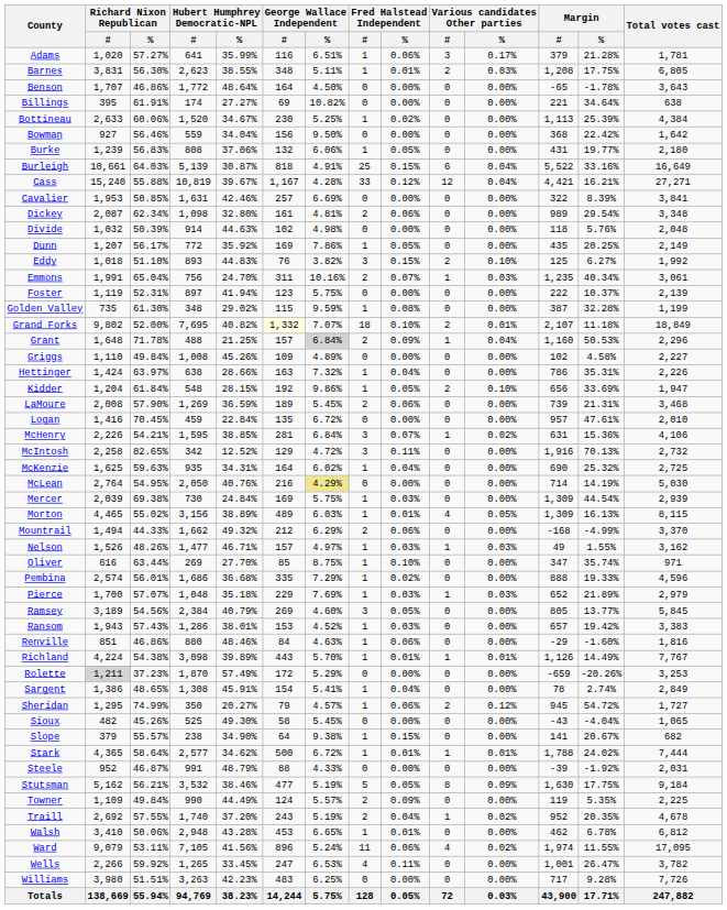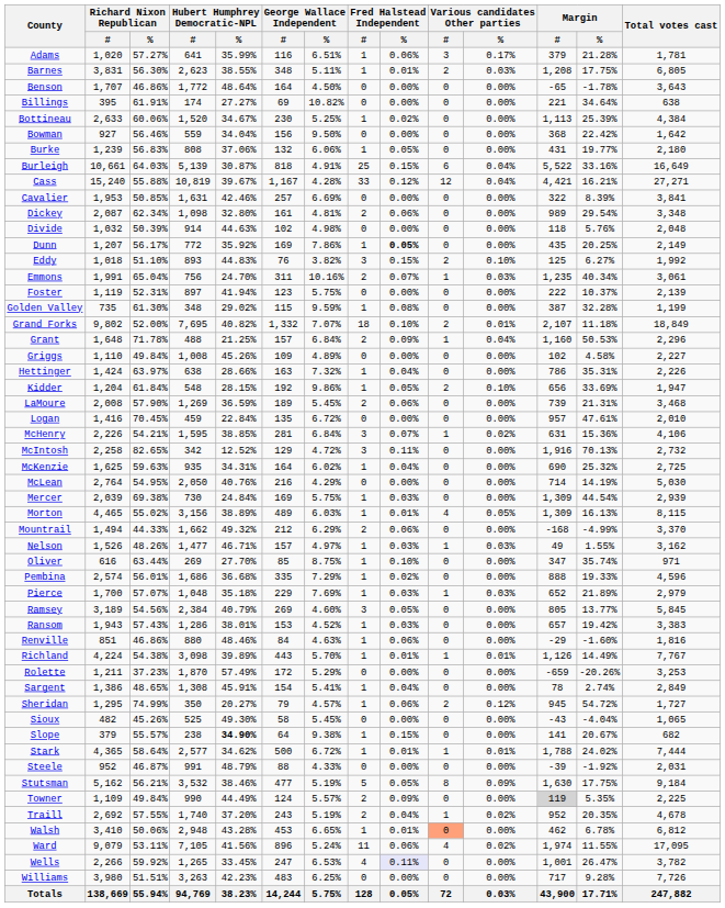 <table class="wikitable sortable">
 <tr>
 <th rowspan="2">County</th>
 <th colspan="2">Richard Nixon<br>Republican</th>
 <th colspan="2">Hubert Humphrey<br>Democratic-NPL</th>
 <th colspan="2">George Wallace<br>Independent</th>
 <th colspan="2">Fred Halstead<br>Independent</th>
 <th colspan="2">Various candidates<br>Other parties</th>
 <th colspan="2">Margin</th>
 <th rowspan="2" data-sort-type="number">Total votes cast</th>
 </tr>
 <tr style="text-align:center;">
 <th data-sort-type="number">#</th>
 <th data-sort-type="number">%</th>
 <th data-sort-type="number">#</th>
 <th data-sort-type="number">%</th>
 <th data-sort-type="number">#</th>
 <th data-sort-type="number">%</th>
 <th data-sort-type="number">#</th>
 <th data-sort-type="number">%</th>
 <th data-sort-type="number">#</th>
 <th data-sort-type="number">%</th>
 <th data-sort-type="number">#</th>
 <th data-sort-type="number">%</th>
 </tr>
 <tr style="text-align:center;">
 <td><a href='#'>Adams</a></td>
 <td>1,020</td>
 <td>57.27%</td>
 <td>641</td>
 <td>35.99%</td>
 <td>116</td>
 <td>6.51%</td>
 <td>1</td>
 <td>0.06%</td>
 <td>3</td>
 <td>0.17%</td>
 <td>379</td>
 <td>21.28%</td>
 <td>1,781</td>
 </tr>
 <tr style="text-align:center;">
 <td><a href='#'>Barnes</a></td>
 <td>3,831</td>
 <td>56.30%</td>
 <td>2,623</td>
 <td>38.55%</td>
 <td>348</td>
 <td>5.11%</td>
 <td>1</td>
 <td>0.01%</td>
 <td>2</td>
 <td>0.03%</td>
 <td>1,208</td>
 <td>17.75%</td>
 <td>6,805</td>
 </tr>
 <tr style="text-align:center;">
 <td><a href='#'>Benson</a></td>
 <td>1,707</td>
 <td>46.86%</td>
 <td>1,772</td>
 <td>48.64%</td>
 <td>164</td>
 <td>4.50%</td>
 <td>0</td>
 <td>0.00%</td>
 <td>0</td>
 <td>0.00%</td>
 <td>-65</td>
 <td>-1.78%</td>
 <td>3,643</td>
 </tr>
 <tr style="text-align:center;">
 <td><a href='#'>Billings</a></td>
 <td>395</td>
 <td>61.91%</td>
 <td>174</td>
 <td>27.27%</td>
 <td>69</td>
 <td>10.82%</td>
 <td>0</td>
 <td>0.00%</td>
 <td>0</td>
 <td>0.00%</td>
 <td>221</td>
 <td>34.64%</td>
 <td>638</td>
 </tr>
 <tr style="text-align:center;">
 <td><a href='#'>Bottineau</a></td>
 <td>2,633</td>
 <td>60.06%</td>
 <td>1,520</td>
 <td>34.67%</td>
 <td>230</td>
 <td>5.25%</td>
 <td>1</td>
 <td>0.02%</td>
 <td>0</td>
 <td>0.00%</td>
 <td>1,113</td>
 <td>25.39%</td>
 <td>4,384</td>
 </tr>
 <tr style="text-align:center;">
 <td><a href='#'>Bowman</a></td>
 <td>927</td>
 <td>56.46%</td>
 <td>559</td>
 <td>34.04%</td>
 <td>156</td>
 <td>9.50%</td>
 <td>0</td>
 <td>0.00%</td>
 <td>0</td>
 <td>0.00%</td>
 <td>368</td>
 <td>22.42%</td>
 <td>1,642</td>
 </tr>
 <tr style="text-align:center;">
 <td><a href='#'>Burke</a></td>
 <td>1,239</td>
 <td>56.83%</td>
 <td>808</td>
 <td>37.06%</td>
 <td>132</td>
 <td>6.06%</td>
 <td>1</td>
 <td>0.05%</td>
 <td>0</td>
 <td>0.00%</td>
 <td>431</td>
 <td>19.77%</td>
 <td>2,180</td>
 </tr>
 <tr style="text-align:center;">
 <td><a href='#'>Burleigh</a></td>
 <td>10,661</td>
 <td>64.03%</td>
 <td>5,139</td>
 <td>30.87%</td>
 <td>818</td>
 <td>4.91%</td>
 <td>25</td>
 <td>0.15%</td>
 <td>6</td>
 <td>0.04%</td>
 <td>5,522</td>
 <td>33.16%</td>
 <td>16,649</td>
 </tr>
 <tr style="text-align:center;">
 <td><a href='#'>Cass</a></td>
 <td>15,240</td>
 <td>55.88%</td>
 <td>10,819</td>
 <td>39.67%</td>
 <td>1,167</td>
 <td>4.28%</td>
 <td>33</td>
 <td>0.12%</td>
 <td>12</td>
 <td>0.04%</td>
 <td>4,421</td>
 <td>16.21%</td>
 <td>27,271</td>
 </tr>
 <tr style="text-align:center;">
 <td><a href='#'>Cavalier</a></td>
 <td>1,953</td>
 <td>50.85%</td>
 <td>1,631</td>
 <td>42.46%</td>
 <td>257</td>
 <td>6.69%</td>
 <td>0</td>
 <td>0.00%</td>
 <td>0</td>
 <td>0.00%</td>
 <td>322</td>
 <td>8.39%</td>
 <td>3,841</td>
 </tr>
 <tr style="text-align:center;">
 <td><a href='#'>Dickey</a></td>
 <td>2,087</td>
 <td>62.34%</td>
 <td>1,098</td>
 <td>32.80%</td>
 <td>161</td>
 <td>4.81%</td>
 <td>2</td>
 <td>0.06%</td>
 <td>0</td>
 <td>0.00%</td>
 <td>989</td>
 <td>29.54%</td>
 <td>3,348</td>
 </tr>
 <tr style="text-align:center;">
 <td><a href='#'>Divide</a></td>
 <td>1,032</td>
 <td>50.39%</td>
 <td>914</td>
 <td>44.63%</td>
 <td>102</td>
 <td>4.98%</td>
 <td>0</td>
 <td>0.00%</td>
 <td>0</td>
 <td>0.00%</td>
 <td>118</td>
 <td>5.76%</td>
 <td>2,048</td>
 </tr>
 <tr style="text-align:center;">
 <td><a href='#'>Dunn</a></td>
 <td>1,207</td>
 <td>56.17%</td>
 <td>772</td>
 <td>35.92%</td>
 <td>169</td>
 <td>7.86%</td>
 <td>1</td>
-<td>0.05%</td>
+<td><strong>0.05%</strong></td>
 <td>0</td>
 <td>0.00%</td>
 <td>435</td>
 <td>20.25%</td>
 <td>2,149</td>
 </tr>
 <tr style="text-align:center;">
 <td><a href='#'>Eddy</a></td>
 <td>1,018</td>
 <td>51.10%</td>
 <td>893</td>
 <td>44.83%</td>
 <td>76</td>
 <td>3.82%</td>
 <td>3</td>
 <td>0.15%</td>
 <td>2</td>
 <td>0.10%</td>
 <td>125</td>
 <td>6.27%</td>
 <td>1,992</td>
 </tr>
 <tr style="text-align:center;">
 <td><a href='#'>Emmons</a></td>
 <td>1,991</td>
 <td>65.04%</td>
 <td>756</td>
 <td>24.70%</td>
 <td>311</td>
 <td>10.16%</td>
 <td>2</td>
 <td>0.07%</td>
 <td>1</td>
 <td>0.03%</td>
 <td>1,235</td>
 <td>40.34%</td>
 <td>3,061</td>
 </tr>
 <tr style="text-align:center;">
 <td><a href='#'>Foster</a></td>
 <td>1,119</td>
 <td>52.31%</td>
 <td>897</td>
 <td>41.94%</td>
 <td>123</td>
 <td>5.75%</td>
 <td>0</td>
 <td>0.00%</td>
 <td>0</td>
 <td>0.00%</td>
 <td>222</td>
 <td>10.37%</td>
 <td>2,139</td>
 </tr>
 <tr style="text-align:center;">
 <td><a href='#'>Golden Valley</a></td>
 <td>735</td>
 <td>61.30%</td>
 <td>348</td>
 <td>29.02%</td>
 <td>115</td>
 <td>9.59%</td>
 <td>1</td>
 <td>0.08%</td>
 <td>0</td>
 <td>0.00%</td>
 <td>387</td>
 <td>32.28%</td>
 <td>1,199</td>
 </tr>
 <tr style="text-align:center;">
 <td><a href='#'>Grand Forks</a></td>
 <td>9,802</td>
 <td>52.00%</td>
 <td>7,695</td>
 <td>40.82%</td>
-<td style="background: lightyellow;">1,332</td>
+<td>1,332</td>
 <td>7.07%</td>
 <td>18</td>
 <td>0.10%</td>
 <td>2</td>
 <td>0.01%</td>
 <td>2,107</td>
 <td>11.18%</td>
 <td>18,849</td>
 </tr>
 <tr style="text-align:center;">
 <td><a href='#'>Grant</a></td>
 <td>1,648</td>
 <td>71.78%</td>
 <td>488</td>
 <td>21.25%</td>
 <td>157</td>
-<td style="background: lightgrey;">6.84%</td>
+<td>6.84%</td>
 <td>2</td>
 <td>0.09%</td>
 <td>1</td>
 <td>0.04%</td>
 <td>1,160</td>
 <td>50.53%</td>
 <td>2,296</td>
 </tr>
 <tr style="text-align:center;">
 <td><a href='#'>Griggs</a></td>
 <td>1,110</td>
 <td>49.84%</td>
 <td>1,008</td>
 <td>45.26%</td>
 <td>109</td>
 <td>4.89%</td>
 <td>0</td>
 <td>0.00%</td>
 <td>0</td>
 <td>0.00%</td>
 <td>102</td>
 <td>4.58%</td>
 <td>2,227</td>
 </tr>
 <tr style="text-align:center;">
 <td><a href='#'>Hettinger</a></td>
 <td>1,424</td>
 <td>63.97%</td>
 <td>638</td>
 <td>28.66%</td>
 <td>163</td>
 <td>7.32%</td>
 <td>1</td>
 <td>0.04%</td>
 <td>0</td>
 <td>0.00%</td>
 <td>786</td>
 <td>35.31%</td>
 <td>2,226</td>
 </tr>
 <tr style="text-align:center;">
 <td><a href='#'>Kidder</a></td>
 <td>1,204</td>
 <td>61.84%</td>
 <td>548</td>
 <td>28.15%</td>
 <td>192</td>
 <td>9.86%</td>
 <td>1</td>
 <td>0.05%</td>
 <td>2</td>
 <td>0.10%</td>
 <td>656</td>
 <td>33.69%</td>
 <td>1,947</td>
 </tr>
 <tr style="text-align:center;">
 <td><a href='#'>LaMoure</a></td>
 <td>2,008</td>
 <td>57.90%</td>
 <td>1,269</td>
 <td>36.59%</td>
 <td>189</td>
 <td>5.45%</td>
 <td>2</td>
 <td>0.06%</td>
 <td>0</td>
 <td>0.00%</td>
 <td>739</td>
 <td>21.31%</td>
 <td>3,468</td>
 </tr>
 <tr style="text-align:center;">
 <td><a href='#'>Logan</a></td>
 <td>1,416</td>
 <td>70.45%</td>
 <td>459</td>
 <td>22.84%</td>
 <td>135</td>
 <td>6.72%</td>
 <td>0</td>
 <td>0.00%</td>
 <td>0</td>
 <td>0.00%</td>
 <td>957</td>
 <td>47.61%</td>
 <td>2,010</td>
 </tr>
 <tr style="text-align:center;">
 <td><a href='#'>McHenry</a></td>
 <td>2,226</td>
 <td>54.21%</td>
 <td>1,595</td>
 <td>38.85%</td>
 <td>281</td>
 <td>6.84%</td>
 <td>3</td>
 <td>0.07%</td>
 <td>1</td>
 <td>0.02%</td>
 <td>631</td>
 <td>15.36%</td>
 <td>4,106</td>
 </tr>
 <tr style="text-align:center;">
 <td><a href='#'>McIntosh</a></td>
 <td>2,258</td>
 <td>82.65%</td>
 <td>342</td>
 <td>12.52%</td>
 <td>129</td>
 <td>4.72%</td>
 <td>3</td>
 <td>0.11%</td>
 <td>0</td>
 <td>0.00%</td>
 <td>1,916</td>
 <td>70.13%</td>
 <td>2,732</td>
 </tr>
 <tr style="text-align:center;">
 <td><a href='#'>McKenzie</a></td>
 <td>1,625</td>
 <td>59.63%</td>
 <td>935</td>
 <td>34.31%</td>
 <td>164</td>
 <td>6.02%</td>
 <td>1</td>
 <td>0.04%</td>
 <td>0</td>
 <td>0.00%</td>
 <td>690</td>
 <td>25.32%</td>
 <td>2,725</td>
 </tr>
 <tr style="text-align:center;">
 <td><a href='#'>McLean</a></td>
 <td>2,764</td>
 <td>54.95%</td>
 <td>2,050</td>
 <td>40.76%</td>
 <td>216</td>
-<td style="background: khaki;">4.29%</td>
+<td>4.29%</td>
 <td>0</td>
 <td>0.00%</td>
 <td>0</td>
 <td>0.00%</td>
 <td>714</td>
 <td>14.19%</td>
 <td>5,030</td>
 </tr>
 <tr style="text-align:center;">
 <td><a href='#'>Mercer</a></td>
 <td>2,039</td>
 <td>69.38%</td>
 <td>730</td>
 <td>24.84%</td>
 <td>169</td>
 <td>5.75%</td>
 <td>1</td>
 <td>0.03%</td>
 <td>0</td>
 <td>0.00%</td>
 <td>1,309</td>
 <td>44.54%</td>
 <td>2,939</td>
 </tr>
 <tr style="text-align:center;">
 <td><a href='#'>Morton</a></td>
 <td>4,465</td>
 <td>55.02%</td>
 <td>3,156</td>
 <td>38.89%</td>
 <td>489</td>
 <td>6.03%</td>
 <td>1</td>
 <td>0.01%</td>
 <td>4</td>
 <td>0.05%</td>
 <td>1,309</td>
 <td>16.13%</td>
 <td>8,115</td>
 </tr>
 <tr style="text-align:center;">
 <td><a href='#'>Mountrail</a></td>
 <td>1,494</td>
 <td>44.33%</td>
 <td>1,662</td>
 <td>49.32%</td>
 <td>212</td>
 <td>6.29%</td>
 <td>2</td>
 <td>0.06%</td>
 <td>0</td>
 <td>0.00%</td>
 <td>-168</td>
 <td>-4.99%</td>
 <td>3,370</td>
 </tr>
 <tr style="text-align:center;">
 <td><a href='#'>Nelson</a></td>
 <td>1,526</td>
 <td>48.26%</td>
 <td>1,477</td>
 <td>46.71%</td>
 <td>157</td>
 <td>4.97%</td>
 <td>1</td>
 <td>0.03%</td>
 <td>1</td>
 <td>0.03%</td>
 <td>49</td>
 <td>1.55%</td>
 <td>3,162</td>
 </tr>
 <tr style="text-align:center;">
 <td><a href='#'>Oliver</a></td>
 <td>616</td>
 <td>63.44%</td>
 <td>269</td>
 <td>27.70%</td>
 <td>85</td>
 <td>8.75%</td>
 <td>1</td>
 <td>0.10%</td>
 <td>0</td>
 <td>0.00%</td>
 <td>347</td>
 <td>35.74%</td>
 <td>971</td>
 </tr>
 <tr style="text-align:center;">
 <td><a href='#'>Pembina</a></td>
 <td>2,574</td>
 <td>56.01%</td>
 <td>1,686</td>
 <td>36.68%</td>
 <td>335</td>
 <td>7.29%</td>
 <td>1</td>
 <td>0.02%</td>
 <td>0</td>
 <td>0.00%</td>
 <td>888</td>
 <td>19.33%</td>
 <td>4,596</td>
 </tr>
 <tr style="text-align:center;">
 <td><a href='#'>Pierce</a></td>
 <td>1,700</td>
 <td>57.07%</td>
 <td>1,048</td>
 <td>35.18%</td>
 <td>229</td>
 <td>7.69%</td>
 <td>1</td>
 <td>0.03%</td>
 <td>1</td>
 <td>0.03%</td>
 <td>652</td>
 <td>21.89%</td>
 <td>2,979</td>
 </tr>
 <tr style="text-align:center;">
 <td><a href='#'>Ramsey</a></td>
 <td>3,189</td>
 <td>54.56%</td>
 <td>2,384</td>
 <td>40.79%</td>
 <td>269</td>
 <td>4.60%</td>
 <td>3</td>
 <td>0.05%</td>
 <td>0</td>
 <td>0.00%</td>
 <td>805</td>
 <td>13.77%</td>
 <td>5,845</td>
 </tr>
 <tr style="text-align:center;">
 <td><a href='#'>Ransom</a></td>
 <td>1,943</td>
 <td>57.43%</td>
 <td>1,286</td>
 <td>38.01%</td>
 <td>153</td>
 <td>4.52%</td>
 <td>1</td>
 <td>0.03%</td>
 <td>0</td>
 <td>0.00%</td>
 <td>657</td>
 <td>19.42%</td>
 <td>3,383</td>
 </tr>
 <tr style="text-align:center;">
 <td><a href='#'>Renville</a></td>
 <td>851</td>
 <td>46.86%</td>
 <td>880</td>
 <td>48.46%</td>
 <td>84</td>
 <td>4.63%</td>
 <td>1</td>
 <td>0.06%</td>
 <td>0</td>
 <td>0.00%</td>
 <td>-29</td>
 <td>-1.60%</td>
 <td>1,816</td>
 </tr>
 <tr style="text-align:center;">
 <td><a href='#'>Richland</a></td>
 <td>4,224</td>
 <td>54.38%</td>
 <td>3,098</td>
 <td>39.89%</td>
 <td>443</td>
 <td>5.70%</td>
 <td>1</td>
 <td>0.01%</td>
 <td>1</td>
 <td>0.01%</td>
 <td>1,126</td>
 <td>14.49%</td>
 <td>7,767</td>
 </tr>
 <tr style="text-align:center;">
 <td><a href='#'>Rolette</a></td>
-<td style="background: lightgrey;">1,211</td>
+<td>1,211</td>
 <td>37.23%</td>
 <td>1,870</td>
 <td>57.49%</td>
 <td>172</td>
 <td>5.29%</td>
 <td>0</td>
 <td>0.00%</td>
 <td>0</td>
 <td>0.00%</td>
 <td>-659</td>
 <td>-20.26%</td>
 <td>3,253</td>
 </tr>
 <tr style="text-align:center;">
 <td><a href='#'>Sargent</a></td>
 <td>1,386</td>
 <td>48.65%</td>
 <td>1,308</td>
 <td>45.91%</td>
 <td>154</td>
 <td>5.41%</td>
 <td>1</td>
 <td>0.04%</td>
 <td>0</td>
 <td>0.00%</td>
 <td>78</td>
 <td>2.74%</td>
 <td>2,849</td>
 </tr>
 <tr style="text-align:center;">
 <td><a href='#'>Sheridan</a></td>
 <td>1,295</td>
 <td>74.99%</td>
 <td>350</td>
 <td>20.27%</td>
 <td>79</td>
 <td>4.57%</td>
 <td>1</td>
 <td>0.06%</td>
 <td>2</td>
 <td>0.12%</td>
 <td>945</td>
 <td>54.72%</td>
 <td>1,727</td>
 </tr>
 <tr style="text-align:center;">
 <td><a href='#'>Sioux</a></td>
 <td>482</td>
 <td>45.26%</td>
 <td>525</td>
 <td>49.30%</td>
 <td>58</td>
 <td>5.45%</td>
 <td>0</td>
 <td>0.00%</td>
 <td>0</td>
 <td>0.00%</td>
 <td>-43</td>
 <td>-4.04%</td>
 <td>1,065</td>
 </tr>
 <tr style="text-align:center;">
 <td><a href='#'>Slope</a></td>
 <td>379</td>
 <td>55.57%</td>
 <td>238</td>
-<td>34.90%</td>
+<td><strong>34.90%</strong></td>
 <td>64</td>
 <td>9.38%</td>
 <td>1</td>
 <td>0.15%</td>
 <td>0</td>
 <td>0.00%</td>
 <td>141</td>
 <td>20.67%</td>
 <td>682</td>
 </tr>
 <tr style="text-align:center;">
 <td><a href='#'>Stark</a></td>
 <td>4,365</td>
 <td>58.64%</td>
 <td>2,577</td>
 <td>34.62%</td>
 <td>500</td>
 <td>6.72%</td>
 <td>1</td>
 <td>0.01%</td>
 <td>1</td>
 <td>0.01%</td>
 <td>1,788</td>
 <td>24.02%</td>
 <td>7,444</td>
 </tr>
 <tr style="text-align:center;">
 <td><a href='#'>Steele</a></td>
 <td>952</td>
 <td>46.87%</td>
 <td>991</td>
 <td>48.79%</td>
 <td>88</td>
 <td>4.33%</td>
 <td>0</td>
 <td>0.00%</td>
 <td>0</td>
 <td>0.00%</td>
 <td>-39</td>
 <td>-1.92%</td>
 <td>2,031</td>
 </tr>
 <tr style="text-align:center;">
 <td><a href='#'>Stutsman</a></td>
 <td>5,162</td>
 <td>56.21%</td>
 <td>3,532</td>
 <td>38.46%</td>
 <td>477</td>
 <td>5.19%</td>
 <td>5</td>
 <td>0.05%</td>
 <td>8</td>
 <td>0.09%</td>
 <td>1,630</td>
 <td>17.75%</td>
 <td>9,184</td>
 </tr>
 <tr style="text-align:center;">
 <td><a href='#'>Towner</a></td>
 <td>1,109</td>
 <td>49.84%</td>
 <td>990</td>
 <td>44.49%</td>
 <td>124</td>
 <td>5.57%</td>
 <td>2</td>
 <td>0.09%</td>
 <td>0</td>
 <td>0.00%</td>
-<td>119</td>
+<td style="background: lightgrey;">119</td>
 <td>5.35%</td>
 <td>2,225</td>
 </tr>
 <tr style="text-align:center;">
 <td><a href='#'>Traill</a></td>
 <td>2,692</td>
 <td>57.55%</td>
 <td>1,740</td>
 <td>37.20%</td>
 <td>243</td>
 <td>5.19%</td>
 <td>2</td>
 <td>0.04%</td>
 <td>1</td>
 <td>0.02%</td>
 <td>952</td>
 <td>20.35%</td>
 <td>4,678</td>
 </tr>
 <tr style="text-align:center;">
 <td><a href='#'>Walsh</a></td>
 <td>3,410</td>
 <td>50.06%</td>
 <td>2,948</td>
 <td>43.28%</td>
 <td>453</td>
 <td>6.65%</td>
 <td>1</td>
 <td>0.01%</td>
-<td>0</td>
+<td style="background: lightsalmon;">0</td>
 <td>0.00%</td>
 <td>462</td>
 <td>6.78%</td>
 <td>6,812</td>
 </tr>
 <tr style="text-align:center;">
 <td><a href='#'>Ward</a></td>
 <td>9,079</td>
 <td>53.11%</td>
 <td>7,105</td>
 <td>41.56%</td>
 <td>896</td>
 <td>5.24%</td>
 <td>11</td>
 <td>0.06%</td>
 <td>4</td>
 <td>0.02%</td>
 <td>1,974</td>
 <td>11.55%</td>
 <td>17,095</td>
 </tr>
 <tr style="text-align:center;">
 <td><a href='#'>Wells</a></td>
 <td>2,266</td>
 <td>59.92%</td>
 <td>1,265</td>
 <td>33.45%</td>
 <td>247</td>
 <td>6.53%</td>
 <td>4</td>
-<td>0.11%</td>
+<td style="background: lavender;">0.11%</td>
 <td>0</td>
 <td>0.00%</td>
 <td>1,001</td>
 <td>26.47%</td>
 <td>3,782</td>
 </tr>
 <tr style="text-align:center;">
 <td><a href='#'>Williams</a></td>
 <td>3,980</td>
 <td>51.51%</td>
 <td>3,263</td>
 <td>42.23%</td>
 <td>483</td>
 <td>6.25%</td>
 <td>0</td>
 <td>0.00%</td>
 <td>0</td>
 <td>0.00%</td>
 <td>717</td>
 <td>9.28%</td>
 <td>7,726</td>
 </tr>
 <tr>
 <th>Totals</th>
 <th>138,669</th>
 <th>55.94%</th>
 <th>94,769</th>
 <th>38.23%</th>
 <th>14,244</th>
 <th>5.75%</th>
 <th>128</th>
 <th>0.05%</th>
 <th>72</th>
 <th>0.03%</th>
 <th>43,900</th>
 <th>17.71%</th>
 <th>247,882</th>
 </tr>
 </table>
